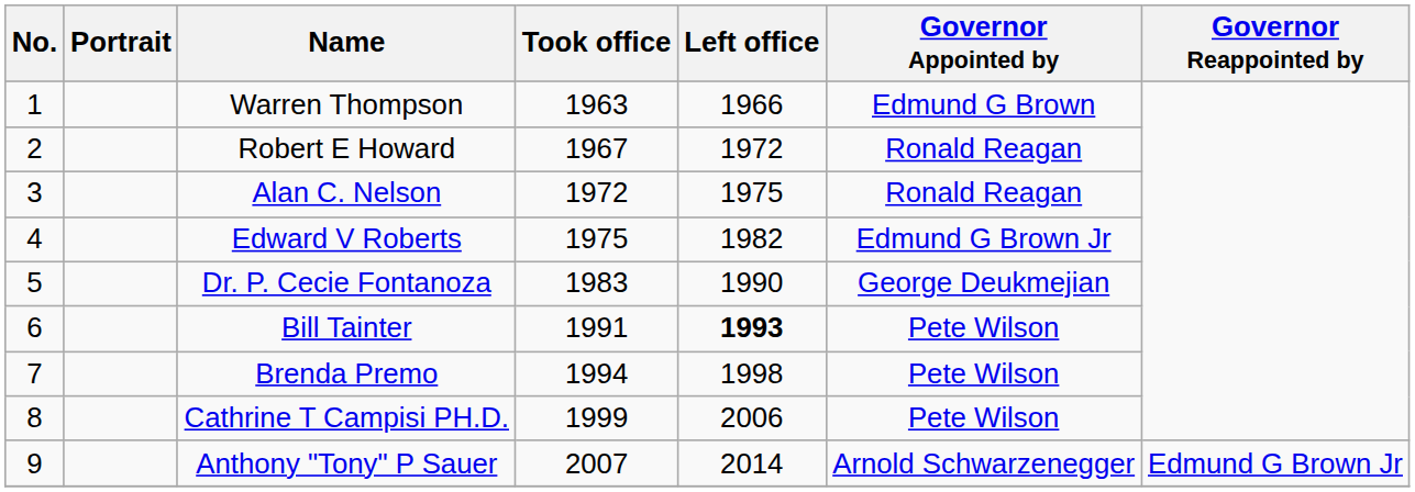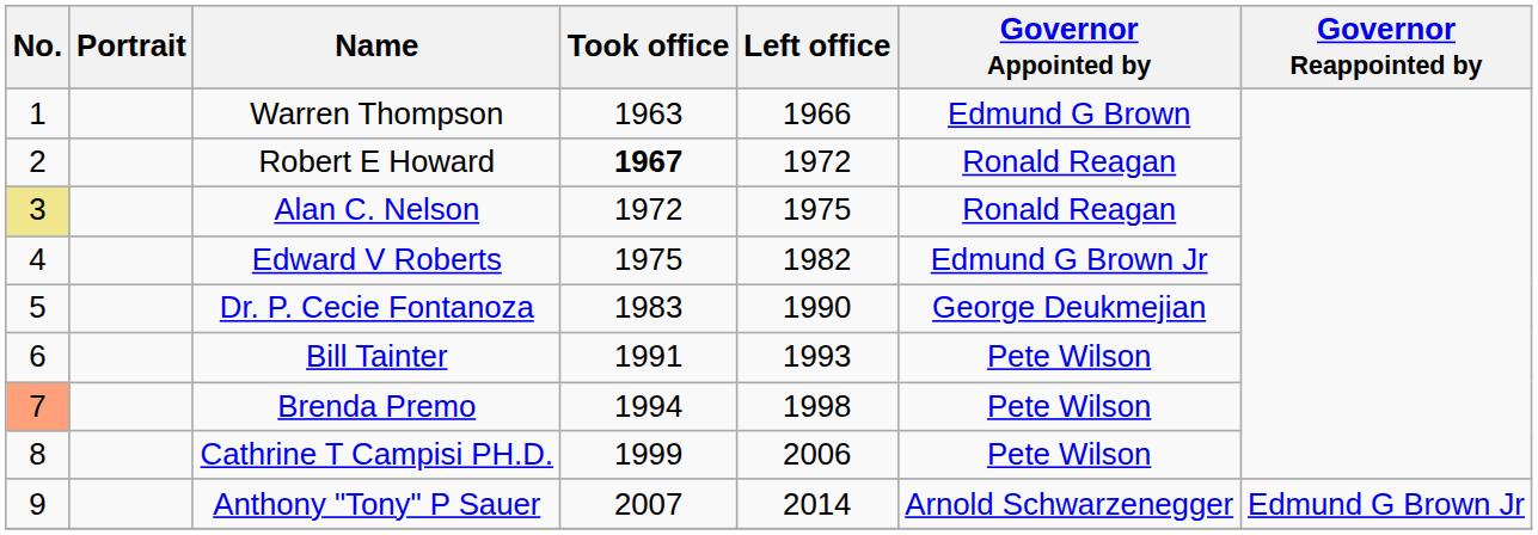 <table class="wikitable" style="clear:right; text-align:center">
 <tr>
 <th>No.</th>
 <th>Portrait</th>
 <th>Name</th>
 <th>Took office</th>
 <th>Left office</th>
 <th colspan="1"><a href='#'>Governor</a><br><small>Appointed by</small></th>
 <th colspan="1"><a href='#'>Governor</a><br><small>Reappointed by</small></th>
 </tr>
 <tr>
 <td>1</td>
 <td></td>
 <td>Warren Thompson</td>
 <td>1963</td>
 <td>1966</td>
 <td rowspan="1"><a href='#'>Edmund G Brown</a></td>
 </tr>
 <tr>
 <td>2</td>
 <td></td>
 <td>Robert E Howard</td>
-<td>1967</td>
+<td><strong>1967</strong></td>
 <td>1972</td>
 <td rowspan="1"><a href='#'>Ronald Reagan</a></td>
 </tr>
 <tr>
-<td>3</td>
+<td style="background: khaki;">3</td>
 <td></td>
 <td><a href='#'>Alan C. Nelson</a></td>
 <td>1972</td>
 <td>1975</td>
 <td rowspan="1"><a href='#'>Ronald Reagan</a></td>
 </tr>
 <tr>
 <td>4</td>
 <td></td>
 <td><a href='#'>Edward V Roberts</a></td>
 <td>1975</td>
 <td>1982</td>
 <td rowspan="1"><a href='#'>Edmund G Brown Jr</a></td>
 </tr>
 <tr>
 <td>5</td>
 <td></td>
 <td><a href='#'>Dr. P. Cecie Fontanoza</a></td>
 <td>1983</td>
 <td>1990</td>
 <td rowspan="1"><a href='#'>George Deukmejian</a></td>
 </tr>
 <tr>
 <td>6</td>
 <td></td>
 <td><a href='#'>Bill Tainter</a></td>
 <td>1991</td>
-<td><strong>1993</strong></td>
+<td>1993</td>
 <td rowspan="1"><a href='#'>Pete Wilson</a></td>
 </tr>
 <tr>
-<td>7</td>
+<td style="background: lightsalmon;">7</td>
 <td></td>
 <td><a href='#'>Brenda Premo</a></td>
 <td>1994</td>
 <td>1998</td>
 <td rowspan="1"><a href='#'>Pete Wilson</a></td>
 </tr>
 <tr>
 <td>8</td>
 <td></td>
 <td><a href='#'>Cathrine T Campisi PH.D.</a></td>
 <td>1999</td>
 <td>2006</td>
 <td rowspan="1"><a href='#'>Pete Wilson</a></td>
 </tr>
 <tr>
 <td>9</td>
 <td></td>
 <td><a href='#'>Anthony "Tony" P Sauer</a></td>
 <td>2007</td>
 <td>2014</td>
 <td rowspan="1"><a href='#'>Arnold Schwarzenegger</a></td>
 <td rowspan="1"><a href='#'>Edmund G Brown Jr</a></td>
 </tr>
 <tr>
 </tr>
 </table>
